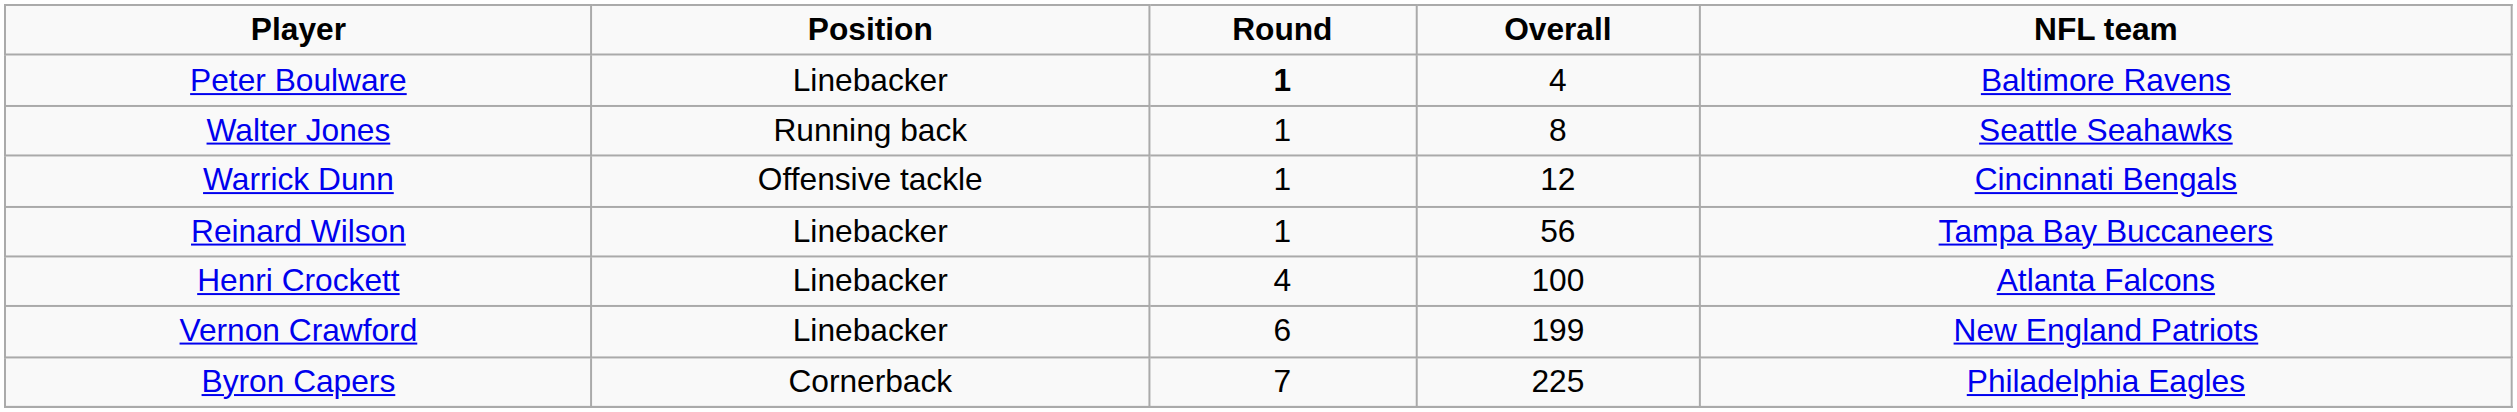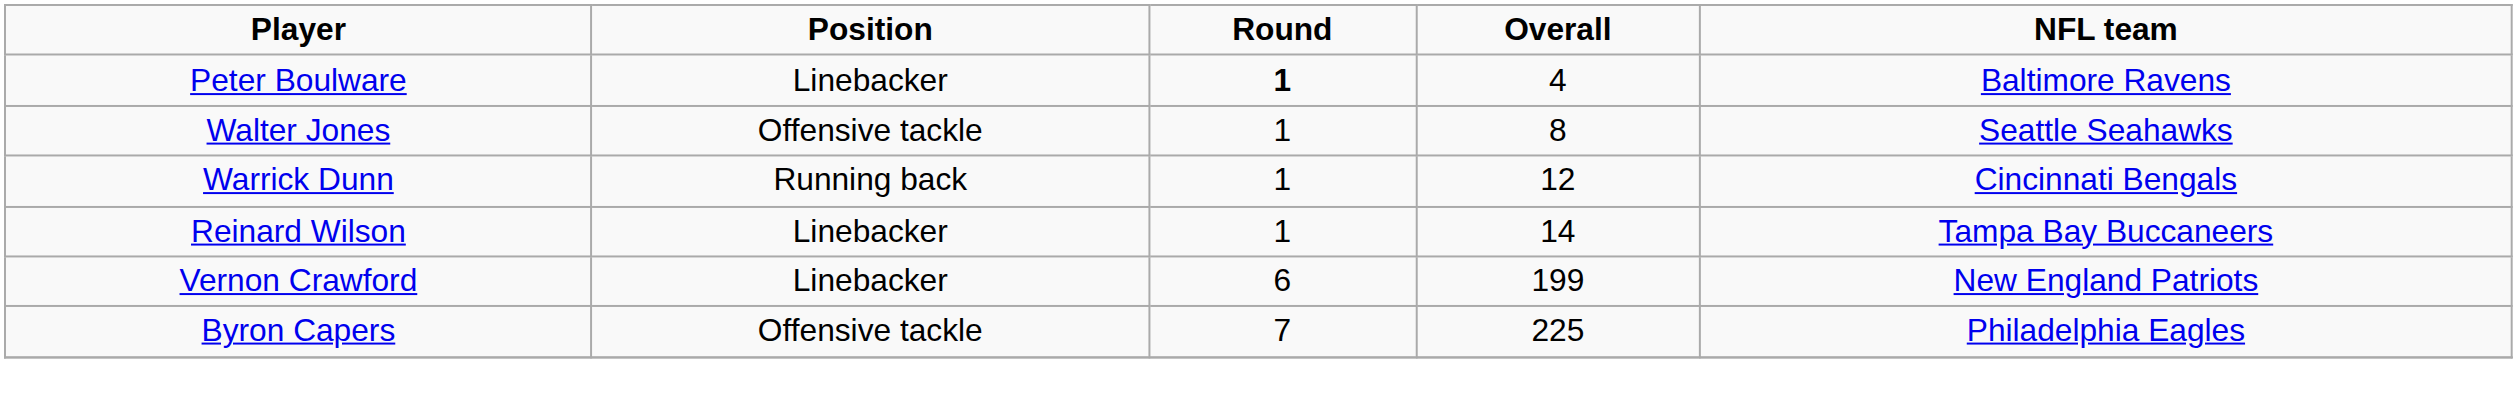 <table class="wikitable" width="80%">
 <tr align="center">
 <td><strong>Player</strong></td>
 <td><strong>Position</strong></td>
 <td><strong>Round</strong></td>
 <td><strong>Overall</strong></td>
 <td><strong>NFL team</strong></td>
 </tr>
 <tr align="center" bgcolor="">
 <td><a href='#'>Peter Boulware</a></td>
 <td>Linebacker</td>
 <td><strong>1</strong></td>
 <td>4</td>
 <td><a href='#'>Baltimore Ravens</a></td>
 </tr>
 <tr align="center" bgcolor="">
 <td><a href='#'>Walter Jones</a></td>
-<td>Running back</td>
+<td>Offensive tackle</td>
 <td>1</td>
 <td>8</td>
 <td><a href='#'>Seattle Seahawks</a></td>
 </tr>
 <tr align="center" bgcolor="">
 <td><a href='#'>Warrick Dunn</a></td>
-<td>Offensive tackle</td>
+<td>Running back</td>
 <td>1</td>
 <td>12</td>
 <td><a href='#'>Cincinnati Bengals</a></td>
 </tr>
 <tr align="center" bgcolor="">
 <td><a href='#'>Reinard Wilson</a></td>
 <td>Linebacker</td>
 <td>1</td>
-<td>56</td>
+<td>14</td>
 <td><a href='#'>Tampa Bay Buccaneers</a></td>
-</tr>
-<tr align="center" bgcolor="">
-<td><a href='#'>Henri Crockett</a></td>
-<td>Linebacker</td>
-<td>4</td>
-<td>100</td>
-<td><a href='#'>Atlanta Falcons</a></td>
 </tr>
 <tr align="center" bgcolor="">
 <td><a href='#'>Vernon Crawford</a></td>
 <td>Linebacker</td>
 <td>6</td>
 <td>199</td>
 <td><a href='#'>New England Patriots</a></td>
 </tr>
 <tr align="center" bgcolor="">
 <td><a href='#'>Byron Capers</a></td>
-<td>Cornerback</td>
+<td>Offensive tackle</td>
 <td>7</td>
 <td>225</td>
 <td><a href='#'>Philadelphia Eagles</a></td>
 </tr>
 <tr align="center" bgcolor="">
 </tr>
 </table>
